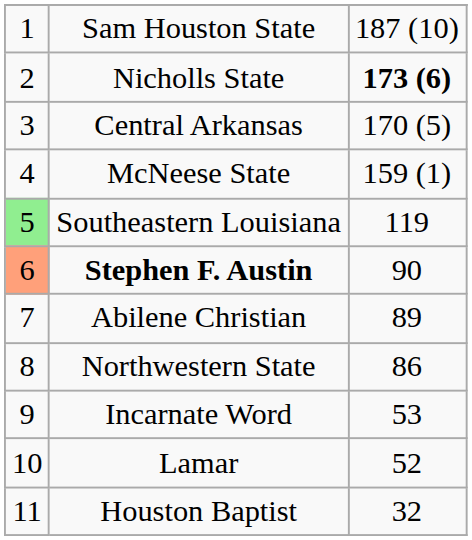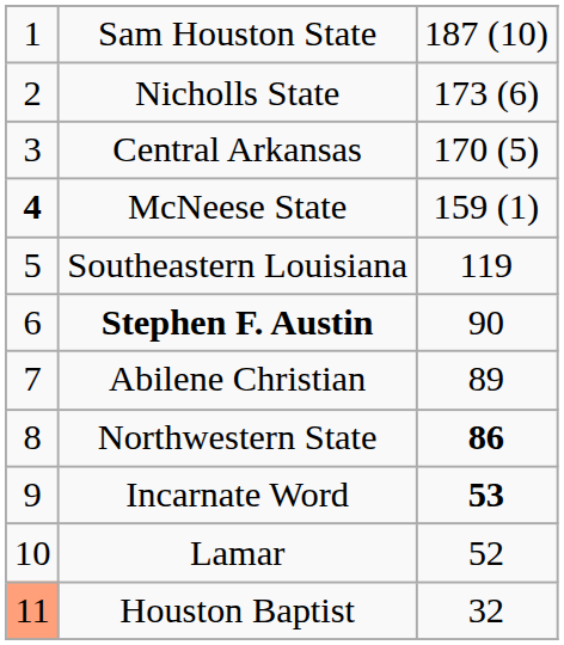 <table class="wikitable">
 <tr align="center">
 </tr>
 <tr align="center">
 <td>1</td>
 <td>Sam Houston State</td>
 <td>187 (10)</td>
 </tr>
 <tr align="center">
 <td>2</td>
 <td>Nicholls State</td>
-<td><strong>173 (6)</strong></td>
+<td>173 (6)</td>
 </tr>
 <tr align="center">
 <td>3</td>
 <td>Central Arkansas</td>
 <td>170 (5)</td>
 </tr>
 <tr align="center">
-<td>4</td>
+<td><strong>4</strong></td>
 <td>McNeese State</td>
 <td>159 (1)</td>
 </tr>
 <tr align="center">
-<td style="background: lightgreen;">5</td>
+<td>5</td>
 <td>Southeastern Louisiana</td>
 <td>119</td>
 </tr>
 <tr align="center">
-<td style="background: lightsalmon;">6</td>
+<td>6</td>
 <td><strong>Stephen F. Austin</strong></td>
 <td>90</td>
 </tr>
 <tr align="center">
 <td>7</td>
 <td>Abilene Christian</td>
 <td>89</td>
 </tr>
 <tr align="center">
 <td>8</td>
 <td>Northwestern State</td>
-<td>86</td>
+<td><strong>86</strong></td>
 </tr>
 <tr align="center">
 <td>9</td>
 <td>Incarnate Word</td>
-<td>53</td>
+<td><strong>53</strong></td>
 </tr>
 <tr align="center">
 <td>10</td>
 <td>Lamar</td>
 <td>52</td>
 </tr>
 <tr align="center">
-<td>11</td>
+<td style="background: lightsalmon;">11</td>
 <td>Houston Baptist</td>
 <td>32</td>
 </tr>
 </table>
